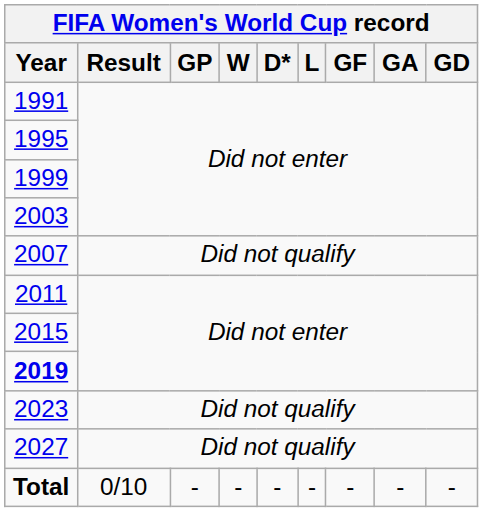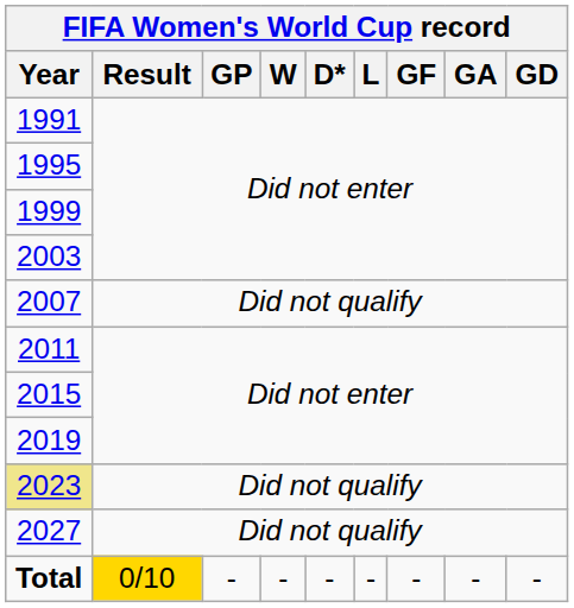 <table class="wikitable" style="text-align: center; width:50%;">
 <tr>
 <th colspan=10><a href='#'>FIFA Women's World Cup</a> record</th>
 </tr>
 <tr>
 <th>Year</th>
 <th>Result</th>
 <th>GP</th>
 <th>W</th>
 <th>D*</th>
 <th>L</th>
 <th>GF</th>
 <th>GA</th>
 <th>GD</th>
 </tr>
 <tr>
 <td> <a href='#'>1991</a></td>
 <td colspan=8 rowspan=4><em>Did not enter</em></td>
 </tr>
 <tr>
 <td> <a href='#'>1995</a></td>
 </tr>
 <tr>
 <td> <a href='#'>1999</a></td>
 </tr>
 <tr>
 <td> <a href='#'>2003</a></td>
 </tr>
 <tr>
 <td> <a href='#'>2007</a></td>
 <td colspan=8><em>Did not qualify</em></td>
 </tr>
 <tr>
 <td> <a href='#'>2011</a></td>
 <td colspan=8 rowspan=3><em>Did not enter</em></td>
 </tr>
 <tr>
 <td> <a href='#'>2015</a></td>
 </tr>
 <tr>
-<td><strong> <a href='#'>2019</a></strong></td>
+<td> <a href='#'>2019</a></td>
 </tr>
 <tr>
-<td> <a href='#'>2023</a></td>
+<td style="background: khaki;"> <a href='#'>2023</a></td>
 <td colspan=8><em>Did not qualify</em></td>
 </tr>
 <tr>
 <td> <a href='#'>2027</a></td>
 <td colspan=8><em>Did not qualify</em></td>
 </tr>
 <tr>
 <td><strong>Total</strong></td>
-<td>0/10</td>
+<td style="background: gold;">0/10</td>
 <td>-</td>
 <td>-</td>
 <td>-</td>
 <td>-</td>
 <td>-</td>
 <td>-</td>
 <td>-</td>
 </tr>
 </table>
